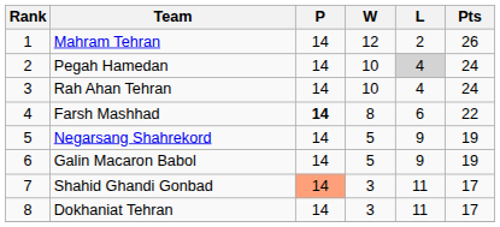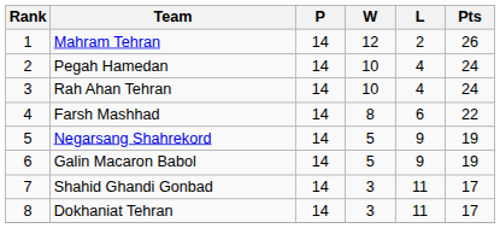 <table class="wikitable" style="text-align: center;">
 <tr>
 <th width=40>Rank</th>
 <th width=250>Team</th>
 <th width=45>P</th>
 <th width=45>W</th>
 <th width=45>L</th>
 <th width=45>Pts</th>
 </tr>
 <tr>
 <td>1</td>
 <td align="left"><a href='#'>Mahram Tehran</a></td>
 <td>14</td>
 <td>12</td>
 <td>2</td>
 <td>26</td>
 </tr>
 <tr>
 <td>2</td>
 <td align="left">Pegah Hamedan</td>
 <td>14</td>
 <td>10</td>
-<td style="background: lightgrey;">4</td>
+<td>4</td>
 <td>24</td>
 </tr>
 <tr>
 <td>3</td>
 <td align="left">Rah Ahan Tehran</td>
 <td>14</td>
 <td>10</td>
 <td>4</td>
 <td>24</td>
 </tr>
 <tr>
 <td>4</td>
 <td align="left">Farsh Mashhad</td>
-<td><strong>14</strong></td>
+<td>14</td>
 <td>8</td>
 <td>6</td>
 <td>22</td>
 </tr>
 <tr>
 <td>5</td>
 <td align="left"><a href='#'>Negarsang Shahrekord</a></td>
 <td>14</td>
 <td>5</td>
 <td>9</td>
 <td>19</td>
 </tr>
 <tr>
 <td>6</td>
 <td align="left">Galin Macaron Babol</td>
 <td>14</td>
 <td>5</td>
 <td>9</td>
 <td>19</td>
 </tr>
 <tr>
 <td>7</td>
 <td align="left">Shahid Ghandi Gonbad</td>
-<td style="background: lightsalmon;">14</td>
+<td>14</td>
 <td>3</td>
 <td>11</td>
 <td>17</td>
 </tr>
 <tr>
 <td>8</td>
 <td align="left">Dokhaniat Tehran</td>
 <td>14</td>
 <td>3</td>
 <td>11</td>
 <td>17</td>
 </tr>
 <tr>
 </tr>
 </table>
